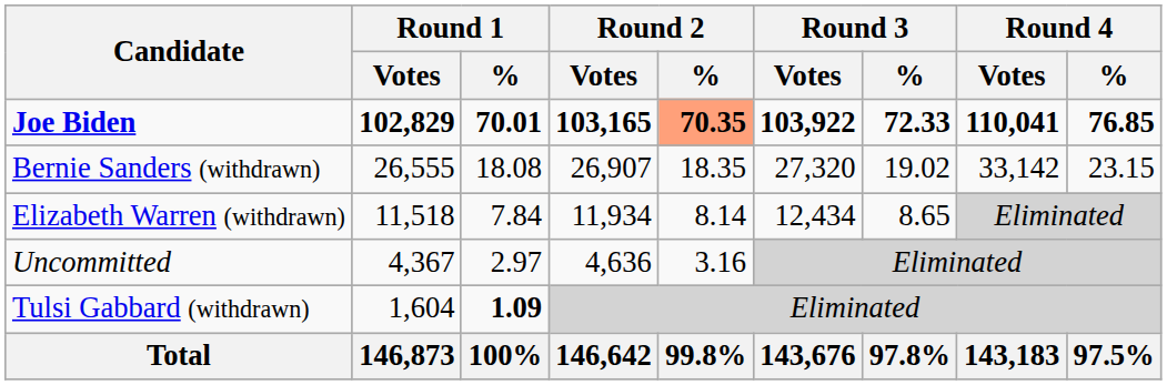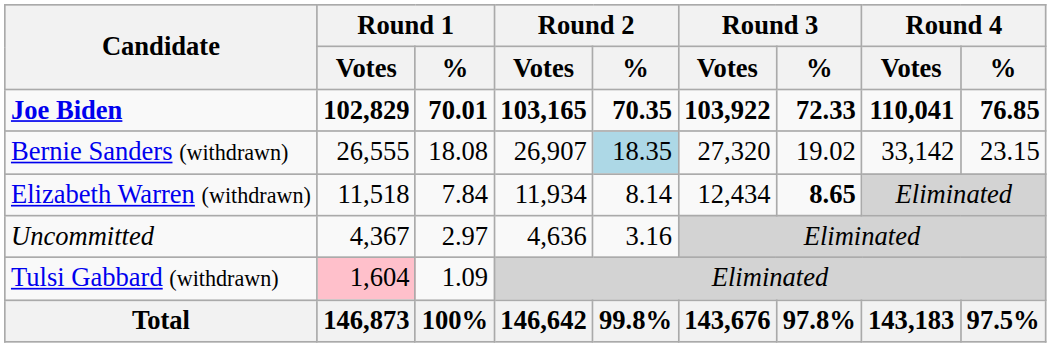 <table class="wikitable sortable" style="text-align:right;">
 <tr>
 <th rowspan="2" style="text-align:center;">Candidate</th>
 <th colspan="2">Round 1</th>
 <th colspan="2">Round 2</th>
 <th colspan="2">Round 3</th>
 <th colspan="2">Round 4</th>
 </tr>
 <tr>
 <th>Votes</th>
 <th>%</th>
 <th>Votes</th>
 <th>%</th>
 <th>Votes</th>
 <th>%</th>
 <th>Votes</th>
 <th>%</th>
 </tr>
 <tr>
 <td style="text-align:left;" data-sort-value="Biden, Joe"><strong><a href='#'>Joe Biden</a></strong></td>
 <td><strong>102,829</strong></td>
 <td><strong>70.01</strong></td>
 <td><strong>103,165</strong></td>
-<td style="background: lightsalmon;"><strong>70.35</strong></td>
+<td><strong>70.35</strong></td>
 <td><strong>103,922</strong></td>
 <td><strong>72.33</strong></td>
 <td><strong>110,041</strong></td>
 <td><strong>76.85</strong></td>
 </tr>
 <tr>
 <td style="text-align:left;" data-sort-value="Sanders, Bernie"><a href='#'>Bernie Sanders</a> <small>(withdrawn)</small></td>
 <td>26,555</td>
 <td>18.08</td>
 <td>26,907</td>
-<td>18.35</td>
+<td style="background: lightblue;">18.35</td>
 <td>27,320</td>
 <td>19.02</td>
 <td>33,142</td>
 <td>23.15</td>
 </tr>
 <tr>
 <td style="text-align:left;" data-sort-value="Warren, Elizabeth"><a href='#'>Elizabeth Warren</a> <small>(withdrawn)</small></td>
 <td>11,518</td>
 <td>7.84</td>
 <td>11,934</td>
 <td>8.14</td>
 <td>12,434</td>
-<td>8.65</td>
+<td><strong>8.65</strong></td>
 <td colspan="2" bgcolor="lightgray" align="center"><em>Eliminated</em></td>
 </tr>
 <tr>
 <td style="text-align:left;" data-sort-value="ZZ"><em>Uncommitted</em></td>
 <td>4,367</td>
 <td>2.97</td>
 <td>4,636</td>
 <td>3.16</td>
 <td colspan="4" bgcolor="lightgray" align="center"><em>Eliminated</em></td>
 </tr>
 <tr>
 <td style="text-align:left;" data-sort-value="Gabbard, Tulsi"><a href='#'>Tulsi Gabbard</a> <small>(withdrawn)</small></td>
-<td>1,604</td>
-<td><strong>1.09</strong></td>
+<td style="background: pink;">1,604</td>
+<td>1.09</td>
 <td colspan="6" bgcolor="lightgray" align="center"><em>Eliminated</em></td>
 </tr>
 <tr>
 <th>Total</th>
 <th>146,873</th>
 <th>100%</th>
 <th>146,642</th>
 <th>99.8%</th>
 <th>143,676</th>
 <th>97.8%</th>
 <th>143,183</th>
 <th>97.5%</th>
 </tr>
 </table>
